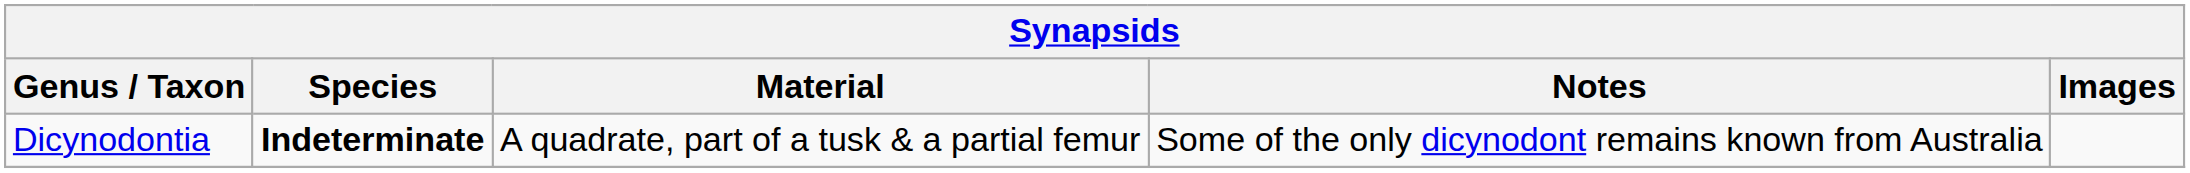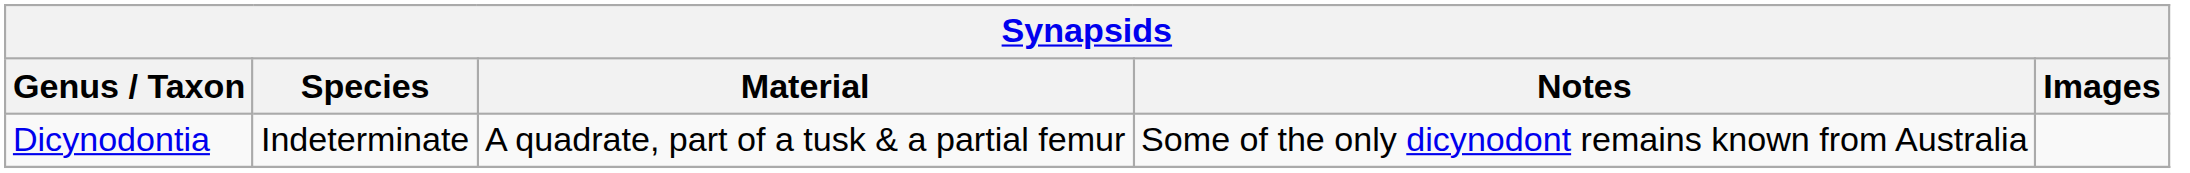 <table class="wikitable" align="center">
 <tr>
 <th colspan="5" align="center"><strong><a href='#'>Synapsids</a></strong></th>
 </tr>
 <tr>
 <th>Genus / Taxon</th>
 <th>Species</th>
 <th>Material</th>
 <th>Notes</th>
 <th>Images</th>
 </tr>
 <tr>
 <td><a href='#'>Dicynodontia</a></td>
-<td><strong>Indeterminate</strong></td>
+<td>Indeterminate</td>
 <td>A quadrate, part of a tusk & a partial femur</td>
 <td>Some of the only <a href='#'>dicynodont</a> remains known from Australia</td>
 <td></td>
 </tr>
 <tr>
 </tr>
 </table>
